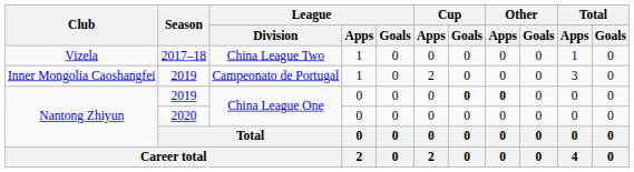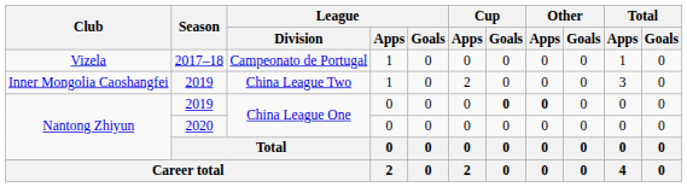 <table class=wikitable style=text-align:center>
 <tr>
 <th rowspan=2>Club</th>
 <th rowspan=2>Season</th>
 <th colspan=3>League</th>
 <th colspan=2>Cup</th>
 <th colspan=2>Other</th>
 <th colspan=2>Total</th>
 </tr>
 <tr>
 <th>Division</th>
 <th>Apps</th>
 <th>Goals</th>
 <th>Apps</th>
 <th>Goals</th>
 <th>Apps</th>
 <th>Goals</th>
 <th>Apps</th>
 <th>Goals</th>
 </tr>
 <tr>
 <td><a href='#'>Vizela</a></td>
 <td><a href='#'>2017–18</a></td>
-<td><a href='#'>China League Two</a></td>
+<td><a href='#'>Campeonato de Portugal</a></td>
 <td>1</td>
 <td>0</td>
 <td>0</td>
 <td>0</td>
 <td>0</td>
 <td>0</td>
 <td>1</td>
 <td>0</td>
 </tr>
 <tr>
 <td><a href='#'>Inner Mongolia Caoshangfei</a></td>
 <td><a href='#'>2019</a></td>
-<td><a href='#'>Campeonato de Portugal</a></td>
+<td><a href='#'>China League Two</a></td>
 <td>1</td>
 <td>0</td>
 <td>2</td>
 <td>0</td>
 <td>0</td>
 <td>0</td>
 <td>3</td>
 <td>0</td>
 </tr>
 <tr>
 <td rowspan=3><a href='#'>Nantong Zhiyun</a></td>
 <td><a href='#'>2019</a></td>
 <td rowspan=2><a href='#'>China League One</a></td>
 <td>0</td>
 <td>0</td>
 <td>0</td>
 <td><strong>0</strong></td>
 <td><strong>0</strong></td>
 <td>0</td>
 <td>0</td>
 <td>0</td>
 </tr>
 <tr>
 <td><a href='#'>2020</a></td>
 <td>0</td>
 <td>0</td>
 <td>0</td>
 <td>0</td>
 <td>0</td>
 <td>0</td>
 <td>0</td>
 <td>0</td>
 </tr>
 <tr>
 <th colspan=2>Total</th>
 <th>0</th>
 <th>0</th>
 <th>0</th>
 <th>0</th>
 <th>0</th>
 <th>0</th>
 <th>0</th>
 <th>0</th>
 </tr>
 <tr>
 <th colspan=3>Career total</th>
 <th>2</th>
 <th>0</th>
 <th>2</th>
 <th>0</th>
 <th>0</th>
 <th>0</th>
 <th>4</th>
 <th>0</th>
 </tr>
 </table>
